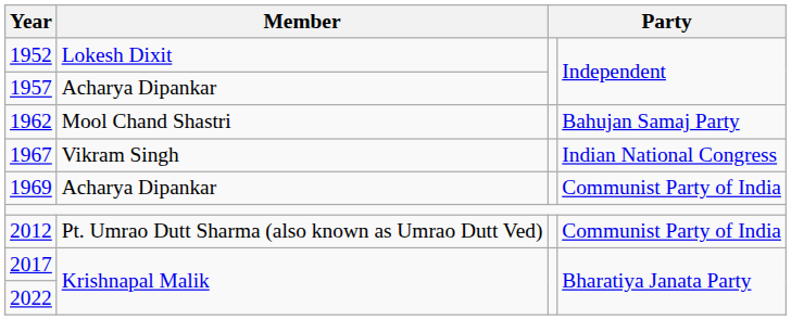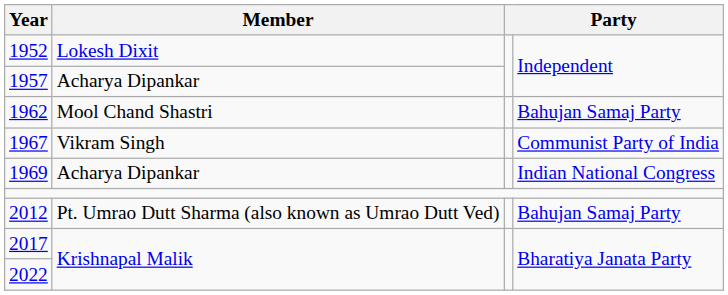 <table class="wikitable">
 <tr>
 <th>Year</th>
 <th>Member</th>
 <th colspan="2">Party</th>
 </tr>
 <tr>
 <td><a href='#'>1952</a></td>
 <td><a href='#'>Lokesh Dixit</a></td>
 <td rowspan="2" style="background-color: "></td>
 <td rowspan="2"><a href='#'>Independent</a></td>
 </tr>
 <tr>
 <td><a href='#'>1957</a></td>
 <td>Acharya Dipankar</td>
 </tr>
 <tr>
 <td><a href='#'>1962</a></td>
 <td>Mool Chand Shastri</td>
 <td style="background-color: "></td>
 <td><a href='#'>Bahujan Samaj Party</a></td>
 </tr>
 <tr>
 <td><a href='#'>1967</a></td>
 <td>Vikram Singh</td>
 <td style="background-color: "></td>
-<td><a href='#'>Indian National Congress</a></td>
+<td><a href='#'>Communist Party of India</a></td>
 </tr>
 <tr>
 <td><a href='#'>1969</a></td>
 <td>Acharya Dipankar</td>
 <td style="background-color: "></td>
-<td><a href='#'>Communist Party of India</a></td>
+<td><a href='#'>Indian National Congress</a></td>
 </tr>
 <tr>
 <td colspan="4"></td>
 </tr>
 <tr>
 <td><a href='#'>2012</a></td>
 <td>Pt. Umrao Dutt Sharma (also known as Umrao Dutt Ved)</td>
 <td style="background-color: "></td>
-<td><a href='#'>Communist Party of India</a></td>
+<td><a href='#'>Bahujan Samaj Party</a></td>
 </tr>
 <tr>
 <td><a href='#'>2017</a></td>
 <td rowspan="2"><a href='#'>Krishnapal Malik</a></td>
 <td rowspan="2" style="background-color: "></td>
 <td rowspan="2"><a href='#'>Bharatiya Janata Party</a></td>
 </tr>
 <tr>
 <td><a href='#'>2022</a></td>
 </tr>
 </table>
